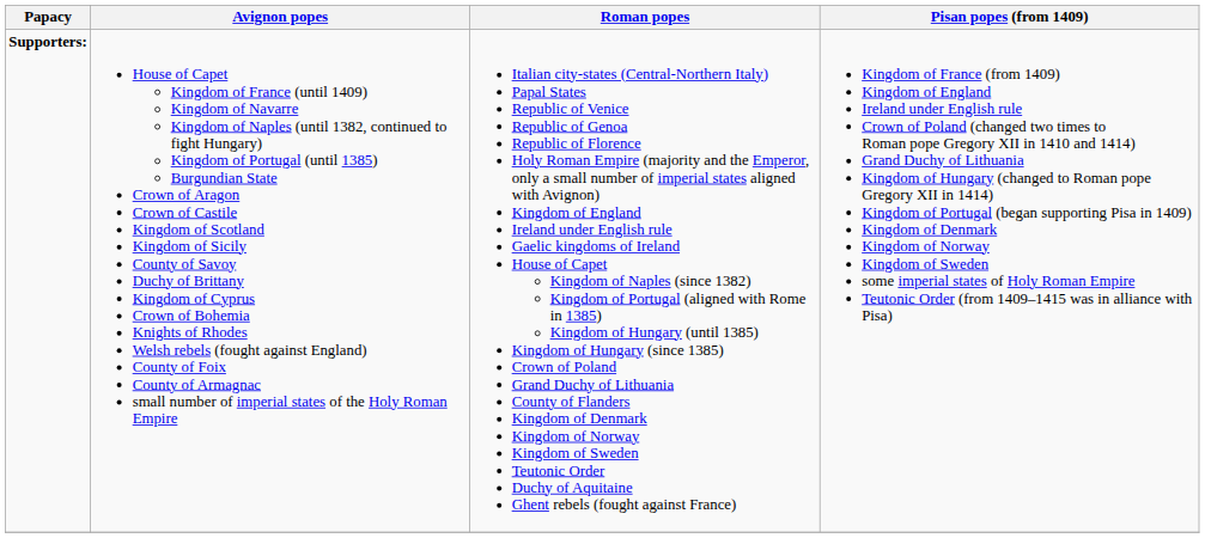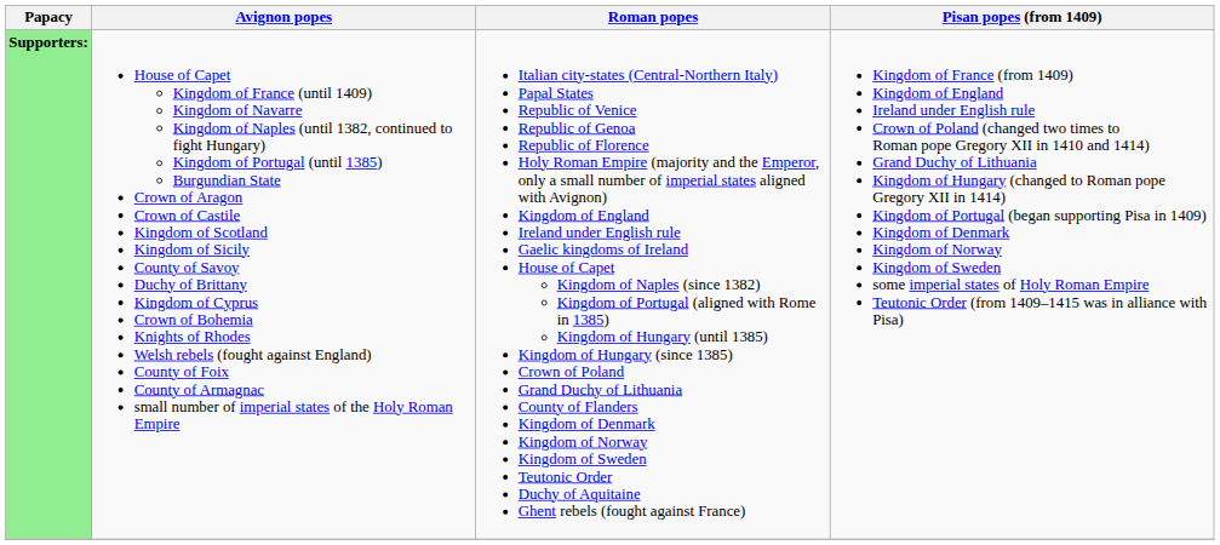 <table class="wikitable">
 <tr>
 <th>Papacy</th>
 <th> <a href='#'>Avignon popes</a></th>
 <th> <a href='#'>Roman popes</a></th>
 <th> <a href='#'>Pisan popes</a> (from 1409)</th>
 </tr>
 <tr style="vertical-align:top">
-<td><strong>Supporters:</strong></td>
+<td style="background: lightgreen;"><strong>Supporters:</strong></td>
 <td><br><ul><li> <a href='#'>House of Capet</a><ul><li> <a href='#'>Kingdom of France</a> (until 1409)</li><li> <a href='#'>Kingdom of Navarre</a></li><li> <a href='#'>Kingdom of Naples</a> (until 1382, continued to fight Hungary)</li><li> <a href='#'>Kingdom of Portugal</a> (until <a href='#'>1385</a>)</li><li> <a href='#'>Burgundian State</a></li></ul></li><li> <a href='#'>Crown of Aragon</a></li><li> <a href='#'>Crown of Castile</a></li><li> <a href='#'>Kingdom of Scotland</a></li><li> <a href='#'>Kingdom of Sicily</a></li><li> <a href='#'>County of Savoy</a></li><li> <a href='#'>Duchy of Brittany</a></li><li> <a href='#'>Kingdom of Cyprus</a></li><li> <a href='#'>Crown of Bohemia</a></li><li> <a href='#'>Knights of Rhodes</a></li><li> <a href='#'>Welsh rebels</a> (fought against England)</li><li> <a href='#'>County of Foix</a></li><li> <a href='#'>County of Armagnac</a></li><li> small number of <a href='#'>imperial states</a> of the <a href='#'>Holy Roman Empire</a></li></ul></td>
 <td><br><ul><li><a href='#'>Italian city-states (Central-Northern Italy)</a></li><li> <a href='#'>Papal States</a></li><li> <a href='#'>Republic of Venice</a></li><li> <a href='#'>Republic of Genoa</a></li><li> <a href='#'>Republic of Florence</a></li><li> <a href='#'>Holy Roman Empire</a> (majority and the <a href='#'>Emperor</a>,<br>only a small number of <a href='#'>imperial states</a> aligned with Avignon)</li><li> <a href='#'>Kingdom of England</a></li><li> <a href='#'>Ireland under English rule</a></li><li> <a href='#'>Gaelic kingdoms of Ireland</a></li><li> <a href='#'>House of Capet</a><ul><li> <a href='#'>Kingdom of Naples</a> (since 1382)</li><li> <a href='#'>Kingdom of Portugal</a> (aligned with Rome in <a href='#'>1385</a>)</li><li> <a href='#'>Kingdom of Hungary</a> (until 1385)</li></ul></li><li> <a href='#'>Kingdom of Hungary</a> (since 1385)</li><li> <a href='#'>Crown of Poland</a></li><li> <a href='#'>Grand Duchy of Lithuania</a></li><li> <a href='#'>County of Flanders</a></li><li> <a href='#'>Kingdom of Denmark</a></li><li> <a href='#'>Kingdom of Norway</a></li><li> <a href='#'>Kingdom of Sweden</a></li><li> <a href='#'>Teutonic Order</a></li><li> <a href='#'>Duchy of Aquitaine</a></li><li> <a href='#'>Ghent</a> rebels (fought against France)</li></ul></td>
 <td><br><ul><li> <a href='#'>Kingdom of France</a> (from 1409)</li><li> <a href='#'>Kingdom of England</a></li><li> <a href='#'>Ireland under English rule</a></li><li> <a href='#'>Crown of Poland</a> (changed two times to <br>Roman pope Gregory XII in 1410 and 1414)</li><li> <a href='#'>Grand Duchy of Lithuania</a></li><li> <a href='#'>Kingdom of Hungary</a> (changed to Roman pope Gregory XII in 1414)</li><li> <a href='#'>Kingdom of Portugal</a> (began supporting Pisa in 1409)</li><li> <a href='#'>Kingdom of Denmark</a></li><li> <a href='#'>Kingdom of Norway</a></li><li> <a href='#'>Kingdom of Sweden</a></li><li> some <a href='#'>imperial states</a> of <a href='#'>Holy Roman Empire</a></li><li> <a href='#'>Teutonic Order</a> (from 1409–1415 was in alliance with Pisa)</li></ul></td>
 </tr>
 <tr>
 </tr>
 </table>
